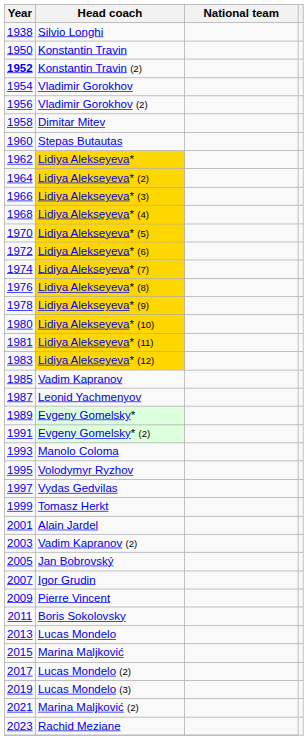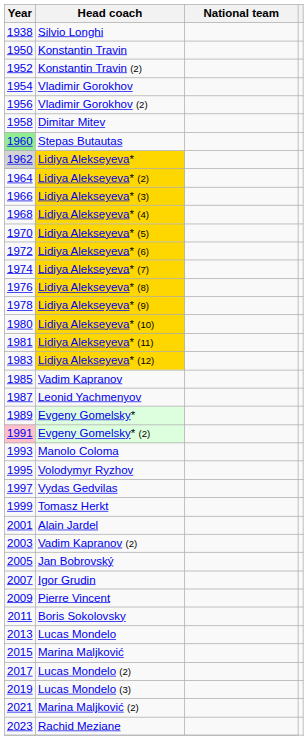 <table class="wikitable">
 <tr>
 <th>Year</th>
 <th style="width:200px">Head coach</th>
 <th style="width:150px">National team</th>
 <th></th>
 </tr>
 <tr>
 <td align=center><a href='#'>1938</a></td>
 <td> <a href='#'>Silvio Longhi</a></td>
 <td></td>
 <td></td>
 </tr>
 <tr>
 <td align=center><a href='#'>1950</a></td>
 <td> <a href='#'>Konstantin Travin</a></td>
 <td></td>
 <td></td>
 </tr>
 <tr>
-<td align=center><strong><a href='#'>1952</a></strong></td>
+<td align=center><a href='#'>1952</a></td>
 <td> <a href='#'>Konstantin Travin</a> <small>(2)</small></td>
 <td></td>
 <td></td>
 </tr>
 <tr>
 <td align=center><a href='#'>1954</a></td>
 <td> <a href='#'>Vladimir Gorokhov</a></td>
 <td></td>
 <td></td>
 </tr>
 <tr>
 <td align=center><a href='#'>1956</a></td>
 <td> <a href='#'>Vladimir Gorokhov</a> <small>(2)</small></td>
 <td></td>
 <td></td>
 </tr>
 <tr>
 <td align=center><a href='#'>1958</a></td>
 <td> <a href='#'>Dimitar Mitev</a></td>
 <td></td>
 <td></td>
 </tr>
 <tr>
-<td align=center><a href='#'>1960</a></td>
+<td align=center style="background: lightgreen;"><a href='#'>1960</a></td>
 <td> <a href='#'>Stepas Butautas</a></td>
 <td></td>
 <td></td>
 </tr>
 <tr>
-<td align=center><a href='#'>1962</a></td>
+<td align=center style="background: lightgrey;"><a href='#'>1962</a></td>
 <td style="background-color:#FFD700;"> <a href='#'>Lidiya Alekseyeva</a>*</td>
 <td></td>
 <td></td>
 </tr>
 <tr>
 <td align=center><a href='#'>1964</a></td>
 <td style="background-color:#FFD700;"> <a href='#'>Lidiya Alekseyeva</a>* <small>(2)</small></td>
 <td></td>
 <td></td>
 </tr>
 <tr>
 <td align=center><a href='#'>1966</a></td>
 <td style="background-color:#FFD700;"> <a href='#'>Lidiya Alekseyeva</a>* <small>(3)</small></td>
 <td></td>
 <td></td>
 </tr>
 <tr>
 <td align=center><a href='#'>1968</a></td>
 <td style="background-color:#FFD700;"> <a href='#'>Lidiya Alekseyeva</a>* <small>(4)</small></td>
 <td></td>
 <td></td>
 </tr>
 <tr>
 <td align=center><a href='#'>1970</a></td>
 <td style="background-color:#FFD700;"> <a href='#'>Lidiya Alekseyeva</a>* <small>(5)</small></td>
 <td></td>
 <td></td>
 </tr>
 <tr>
 <td align=center><a href='#'>1972</a></td>
 <td style="background-color:#FFD700;"> <a href='#'>Lidiya Alekseyeva</a>* <small>(6)</small></td>
 <td></td>
 <td></td>
 </tr>
 <tr>
 <td align=center><a href='#'>1974</a></td>
 <td style="background-color:#FFD700;"> <a href='#'>Lidiya Alekseyeva</a>* <small>(7)</small></td>
 <td></td>
 <td></td>
 </tr>
 <tr>
 <td align=center><a href='#'>1976</a></td>
 <td style="background-color:#FFD700;"> <a href='#'>Lidiya Alekseyeva</a>* <small>(8)</small></td>
 <td></td>
 <td></td>
 </tr>
 <tr>
 <td align=center><a href='#'>1978</a></td>
 <td style="background-color:#FFD700;"> <a href='#'>Lidiya Alekseyeva</a>* <small>(9)</small></td>
 <td></td>
 <td></td>
 </tr>
 <tr>
 <td align=center><a href='#'>1980</a></td>
 <td style="background-color:#FFD700;"> <a href='#'>Lidiya Alekseyeva</a>* <small>(10)</small></td>
 <td></td>
 <td></td>
 </tr>
 <tr>
 <td align=center><a href='#'>1981</a></td>
 <td style="background-color:#FFD700;"> <a href='#'>Lidiya Alekseyeva</a>* <small>(11)</small></td>
 <td></td>
 <td></td>
 </tr>
 <tr>
 <td align=center><a href='#'>1983</a></td>
 <td style="background-color:#FFD700;"> <a href='#'>Lidiya Alekseyeva</a>* <small>(12)</small></td>
 <td></td>
 <td></td>
 </tr>
 <tr>
 <td align=center><a href='#'>1985</a></td>
 <td> <a href='#'>Vadim Kapranov</a></td>
 <td></td>
 <td></td>
 </tr>
 <tr>
 <td align=center><a href='#'>1987</a></td>
 <td> <a href='#'>Leonid Yachmenyov</a></td>
 <td></td>
 <td></td>
 </tr>
 <tr>
 <td align=center><a href='#'>1989</a></td>
 <td style="background-color:#ddffdd;"> <a href='#'>Evgeny Gomelsky</a>*</td>
 <td></td>
 <td></td>
 </tr>
 <tr>
-<td align=center><a href='#'>1991</a></td>
+<td align=center style="background: pink;"><a href='#'>1991</a></td>
 <td style="background-color:#ddffdd;"> <a href='#'>Evgeny Gomelsky</a>* <small>(2)</small></td>
 <td></td>
 <td></td>
 </tr>
 <tr>
 <td align=center><a href='#'>1993</a></td>
 <td> <a href='#'>Manolo Coloma</a></td>
 <td></td>
 <td></td>
 </tr>
 <tr>
 <td align=center><a href='#'>1995</a></td>
 <td> <a href='#'>Volodymyr Ryzhov</a></td>
 <td></td>
 <td></td>
 </tr>
 <tr>
 <td align=center><a href='#'>1997</a></td>
 <td> <a href='#'>Vydas Gedvilas</a></td>
 <td></td>
 <td></td>
 </tr>
 <tr>
 <td align=center><a href='#'>1999</a></td>
 <td> <a href='#'>Tomasz Herkt</a></td>
 <td></td>
 <td></td>
 </tr>
 <tr>
 <td align=center><a href='#'>2001</a></td>
 <td> <a href='#'>Alain Jardel</a></td>
 <td></td>
 <td></td>
 </tr>
 <tr>
 <td align=center><a href='#'>2003</a></td>
 <td> <a href='#'>Vadim Kapranov</a> <small>(2)</small></td>
 <td></td>
 <td></td>
 </tr>
 <tr>
 <td align=center><a href='#'>2005</a></td>
 <td> <a href='#'>Jan Bobrovský</a></td>
 <td></td>
 <td></td>
 </tr>
 <tr>
 <td align=center><a href='#'>2007</a></td>
 <td> <a href='#'>Igor Grudin</a></td>
 <td></td>
 <td></td>
 </tr>
 <tr>
 <td align=center><a href='#'>2009</a></td>
 <td> <a href='#'>Pierre Vincent</a></td>
 <td></td>
 <td></td>
 </tr>
 <tr>
 <td align=center><a href='#'>2011</a></td>
 <td> <a href='#'>Boris Sokolovsky</a></td>
 <td></td>
 <td></td>
 </tr>
 <tr>
 <td align=center><a href='#'>2013</a></td>
 <td> <a href='#'>Lucas Mondelo</a></td>
 <td></td>
 <td></td>
 </tr>
 <tr>
 <td align=center><a href='#'>2015</a></td>
 <td> <a href='#'>Marina Maljković</a></td>
 <td></td>
 <td></td>
 </tr>
 <tr>
 <td align=center><a href='#'>2017</a></td>
 <td> <a href='#'>Lucas Mondelo</a> <small>(2)</small></td>
 <td></td>
 <td></td>
 </tr>
 <tr>
 <td align=center><a href='#'>2019</a></td>
 <td> <a href='#'>Lucas Mondelo</a> <small>(3)</small></td>
 <td></td>
 <td></td>
 </tr>
 <tr>
 <td align=center><a href='#'>2021</a></td>
 <td> <a href='#'>Marina Maljković</a> <small>(2)</small></td>
 <td></td>
 <td></td>
 </tr>
 <tr>
 <td align=center><a href='#'>2023</a></td>
 <td> <a href='#'>Rachid Meziane</a></td>
 <td></td>
 </tr>
 <tr>
 </tr>
 </table>
